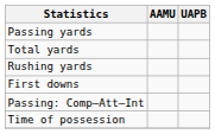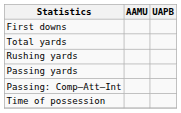 <table class="wikitable" style="float: left;">
 <tr>
 <th>Statistics</th>
 <th>AAMU</th>
 <th>UAPB</th>
 </tr>
 <tr>
-<td>Passing yards</td>
+<td>First downs</td>
 <td></td>
 <td></td>
 </tr>
 <tr>
 <td>Total yards</td>
 <td></td>
 <td></td>
 </tr>
 <tr>
 <td>Rushing yards</td>
 <td></td>
 <td></td>
 </tr>
 <tr>
-<td>First downs</td>
+<td>Passing yards</td>
 <td></td>
 <td></td>
 </tr>
 <tr>
 <td>Passing: Comp–Att–Int</td>
 <td></td>
 <td></td>
 </tr>
 <tr>
 <td>Time of possession</td>
 <td></td>
 <td></td>
 </tr>
 <tr>
 </tr>
 </table>
